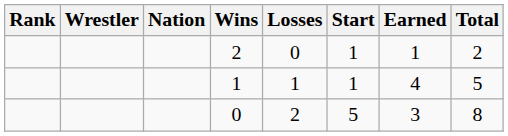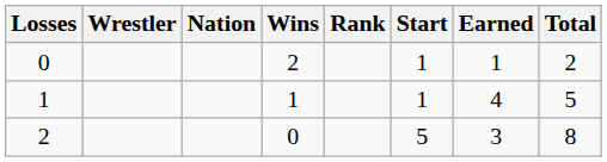 <table class="wikitable sortable" style="text-align:center;">
 <tr>
-<th>Rank</th>
+<th>Losses</th>
 <th>Wrestler</th>
 <th>Nation</th>
 <th>Wins</th>
-<th>Losses</th>
+<th>Rank</th>
 <th>Start</th>
 <th>Earned</th>
 <th>Total</th>
 </tr>
 <tr>
-<td></td>
+<td>0</td>
 <td align=left></td>
 <td align=left></td>
 <td>2</td>
-<td>0</td>
+<td></td>
 <td>1</td>
 <td>1</td>
 <td>2</td>
 </tr>
 <tr>
-<td></td>
+<td>1</td>
 <td align=left></td>
 <td align=left></td>
 <td>1</td>
-<td>1</td>
+<td></td>
 <td>1</td>
 <td>4</td>
 <td>5</td>
 </tr>
 <tr>
-<td></td>
+<td>2</td>
 <td align=left></td>
 <td align=left></td>
 <td>0</td>
-<td>2</td>
+<td></td>
 <td>5</td>
 <td>3</td>
 <td>8</td>
 </tr>
 </table>
